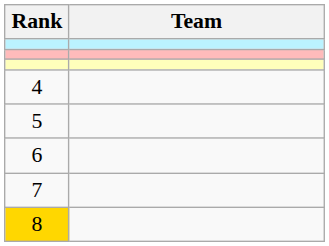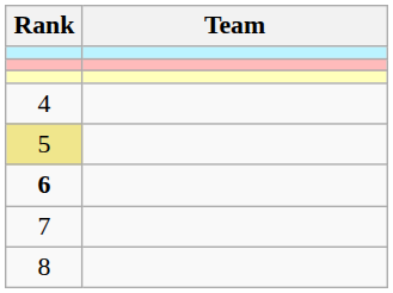 <table class="wikitable">
 <tr>
 <th width=40>Rank</th>
 <th width=180>Team</th>
 </tr>
 <tr bgcolor=#BBF3FF>
 <td align=center></td>
 <td></td>
 </tr>
 <tr bgcolor=#FFBBBB>
 <td align=center></td>
 <td></td>
 </tr>
 <tr bgcolor=#FFFFBB>
 <td align=center></td>
 <td></td>
 </tr>
 <tr>
 <td align=center>4</td>
 <td></td>
 </tr>
 <tr>
-<td align=center>5</td>
+<td align=center style="background: khaki;">5</td>
 <td></td>
 </tr>
 <tr>
-<td align=center>6</td>
+<td align=center><strong>6</strong></td>
 <td></td>
 </tr>
 <tr>
 <td align=center>7</td>
 <td></td>
 </tr>
 <tr>
-<td align=center style="background: gold;">8</td>
+<td align=center>8</td>
 <td></td>
 </tr>
 </table>
